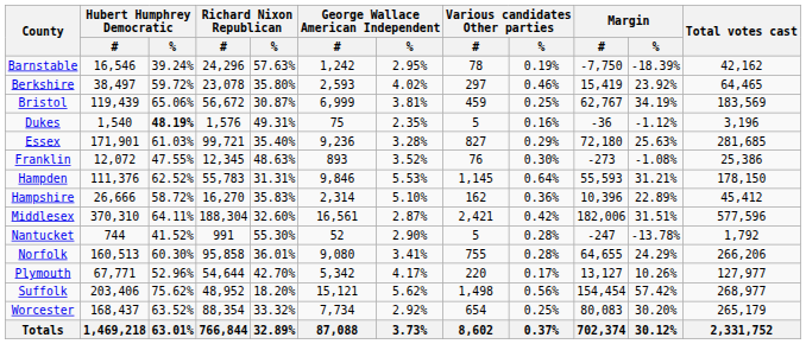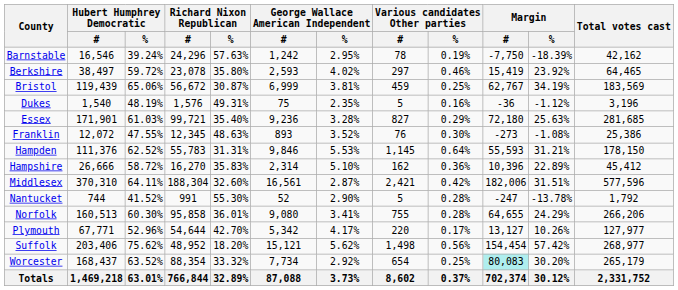 <table class="wikitable sortable">
 <tr>
 <th rowspan="2">County</th>
 <th colspan="2">Hubert Humphrey<br>Democratic</th>
 <th colspan="2">Richard Nixon<br>Republican</th>
 <th colspan="2">George Wallace<br>American Independent</th>
 <th colspan="2">Various candidates<br>Other parties</th>
 <th colspan="2">Margin</th>
 <th rowspan="2">Total votes cast</th>
 </tr>
 <tr bgcolor="lightgrey">
 <th style="text-align:center;" data-sort-type="number">#</th>
 <th style="text-align:center;" data-sort-type="number">%</th>
 <th style="text-align:center;" data-sort-type="number">#</th>
 <th style="text-align:center;" data-sort-type="number">%</th>
 <th style="text-align:center;" data-sort-type="number">#</th>
 <th style="text-align:center;" data-sort-type="number">%</th>
 <th style="text-align:center;" data-sort-type="number">#</th>
 <th style="text-align:center;" data-sort-type="number">%</th>
 <th style="text-align:center;" data-sort-type="number">#</th>
 <th style="text-align:center;" data-sort-type="number">%</th>
 </tr>
 <tr style="text-align:center;">
 <td><a href='#'>Barnstable</a></td>
 <td>16,546</td>
 <td>39.24%</td>
 <td>24,296</td>
 <td>57.63%</td>
 <td>1,242</td>
 <td>2.95%</td>
 <td>78</td>
 <td>0.19%</td>
 <td>-7,750</td>
 <td>-18.39%</td>
 <td>42,162</td>
 </tr>
 <tr style="text-align:center;">
 <td><a href='#'>Berkshire</a></td>
 <td>38,497</td>
 <td>59.72%</td>
 <td>23,078</td>
 <td>35.80%</td>
 <td>2,593</td>
 <td>4.02%</td>
 <td>297</td>
 <td>0.46%</td>
 <td>15,419</td>
 <td>23.92%</td>
 <td>64,465</td>
 </tr>
 <tr style="text-align:center;">
 <td><a href='#'>Bristol</a></td>
 <td>119,439</td>
 <td>65.06%</td>
 <td>56,672</td>
 <td>30.87%</td>
 <td>6,999</td>
 <td>3.81%</td>
 <td>459</td>
 <td>0.25%</td>
 <td>62,767</td>
 <td>34.19%</td>
 <td>183,569</td>
 </tr>
 <tr style="text-align:center;">
 <td><a href='#'>Dukes</a></td>
 <td>1,540</td>
-<td><strong>48.19%</strong></td>
+<td>48.19%</td>
 <td>1,576</td>
 <td>49.31%</td>
 <td>75</td>
 <td>2.35%</td>
 <td>5</td>
 <td>0.16%</td>
 <td>-36</td>
 <td>-1.12%</td>
 <td>3,196</td>
 </tr>
 <tr style="text-align:center;">
 <td><a href='#'>Essex</a></td>
 <td>171,901</td>
 <td>61.03%</td>
 <td>99,721</td>
 <td>35.40%</td>
 <td>9,236</td>
 <td>3.28%</td>
 <td>827</td>
 <td>0.29%</td>
 <td>72,180</td>
 <td>25.63%</td>
 <td>281,685</td>
 </tr>
 <tr style="text-align:center;">
 <td><a href='#'>Franklin</a></td>
 <td>12,072</td>
 <td>47.55%</td>
 <td>12,345</td>
 <td>48.63%</td>
 <td>893</td>
 <td>3.52%</td>
 <td>76</td>
 <td>0.30%</td>
 <td>-273</td>
 <td>-1.08%</td>
 <td>25,386</td>
 </tr>
 <tr style="text-align:center;">
 <td><a href='#'>Hampden</a></td>
 <td>111,376</td>
 <td>62.52%</td>
 <td>55,783</td>
 <td>31.31%</td>
 <td>9,846</td>
 <td>5.53%</td>
 <td>1,145</td>
 <td>0.64%</td>
 <td>55,593</td>
 <td>31.21%</td>
 <td>178,150</td>
 </tr>
 <tr style="text-align:center;">
 <td><a href='#'>Hampshire</a></td>
 <td>26,666</td>
 <td>58.72%</td>
 <td>16,270</td>
 <td>35.83%</td>
 <td>2,314</td>
 <td>5.10%</td>
 <td>162</td>
 <td>0.36%</td>
 <td>10,396</td>
 <td>22.89%</td>
 <td>45,412</td>
 </tr>
 <tr style="text-align:center;">
 <td><a href='#'>Middlesex</a></td>
 <td>370,310</td>
 <td>64.11%</td>
 <td>188,304</td>
 <td>32.60%</td>
 <td>16,561</td>
 <td>2.87%</td>
 <td>2,421</td>
 <td>0.42%</td>
 <td>182,006</td>
 <td>31.51%</td>
 <td>577,596</td>
 </tr>
 <tr style="text-align:center;">
 <td><a href='#'>Nantucket</a></td>
 <td>744</td>
 <td>41.52%</td>
 <td>991</td>
 <td>55.30%</td>
 <td>52</td>
 <td>2.90%</td>
 <td>5</td>
 <td>0.28%</td>
 <td>-247</td>
 <td>-13.78%</td>
 <td>1,792</td>
 </tr>
 <tr style="text-align:center;">
 <td><a href='#'>Norfolk</a></td>
 <td>160,513</td>
 <td>60.30%</td>
 <td>95,858</td>
 <td>36.01%</td>
 <td>9,080</td>
 <td>3.41%</td>
 <td>755</td>
 <td>0.28%</td>
 <td>64,655</td>
 <td>24.29%</td>
 <td>266,206</td>
 </tr>
 <tr style="text-align:center;">
 <td><a href='#'>Plymouth</a></td>
 <td>67,771</td>
 <td>52.96%</td>
 <td>54,644</td>
 <td>42.70%</td>
 <td>5,342</td>
 <td>4.17%</td>
 <td>220</td>
 <td>0.17%</td>
 <td>13,127</td>
 <td>10.26%</td>
 <td>127,977</td>
 </tr>
 <tr style="text-align:center;">
 <td><a href='#'>Suffolk</a></td>
 <td>203,406</td>
 <td>75.62%</td>
 <td>48,952</td>
 <td>18.20%</td>
 <td>15,121</td>
 <td>5.62%</td>
 <td>1,498</td>
 <td>0.56%</td>
 <td>154,454</td>
 <td>57.42%</td>
 <td>268,977</td>
 </tr>
 <tr style="text-align:center;">
 <td><a href='#'>Worcester</a></td>
 <td>168,437</td>
 <td>63.52%</td>
 <td>88,354</td>
 <td>33.32%</td>
 <td>7,734</td>
 <td>2.92%</td>
 <td>654</td>
 <td>0.25%</td>
-<td>80,083</td>
+<td style="background: paleturquoise;">80,083</td>
 <td>30.20%</td>
 <td>265,179</td>
 </tr>
 <tr>
 <th>Totals</th>
 <th>1,469,218</th>
 <th>63.01%</th>
 <th>766,844</th>
 <th>32.89%</th>
 <th>87,088</th>
 <th>3.73%</th>
 <th>8,602</th>
 <th>0.37%</th>
 <th>702,374</th>
 <th>30.12%</th>
 <th>2,331,752</th>
 </tr>
 </table>
